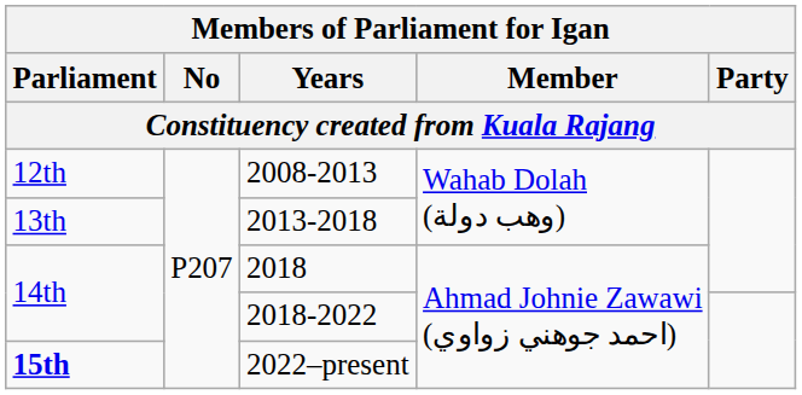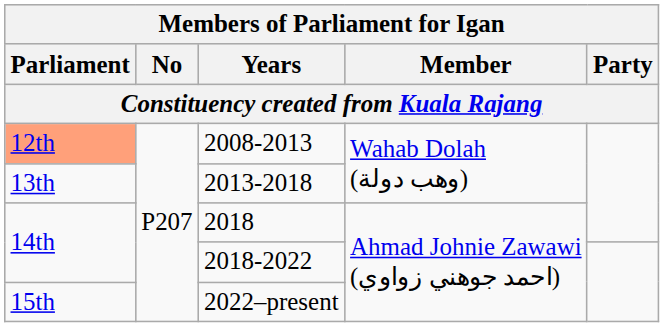 <table class=wikitable>
 <tr>
 <th colspan="5">Members of Parliament for Igan</th>
 </tr>
 <tr>
 <th>Parliament</th>
 <th>No</th>
 <th>Years</th>
 <th>Member</th>
 <th>Party</th>
 </tr>
 <tr>
 <th colspan="5" align="center"><em>Constituency created from <a href='#'>Kuala Rajang</a></em></th>
 </tr>
 <tr>
-<td><a href='#'>12th</a></td>
+<td style="background: lightsalmon;"><a href='#'>12th</a></td>
 <td rowspan="5">P207</td>
 <td>2008-2013</td>
 <td rowspan=2><a href='#'>Wahab Dolah</a> <br> (وهب دولة‎)</td>
 <td rowspan=3></td>
 </tr>
 <tr>
 <td><a href='#'>13th</a></td>
 <td>2013-2018</td>
 </tr>
 <tr>
 <td rowspan=2><a href='#'>14th</a></td>
 <td>2018</td>
 <td rowspan="3"><a href='#'>Ahmad Johnie Zawawi</a> <br> (احمد جوهني زواوي)</td>
 </tr>
 <tr>
 <td>2018-2022</td>
 <td rowspan="2"></td>
 </tr>
 <tr>
-<td><strong><a href='#'>15th</a></strong></td>
+<td><a href='#'>15th</a></td>
 <td>2022–present</td>
 </tr>
 </table>
